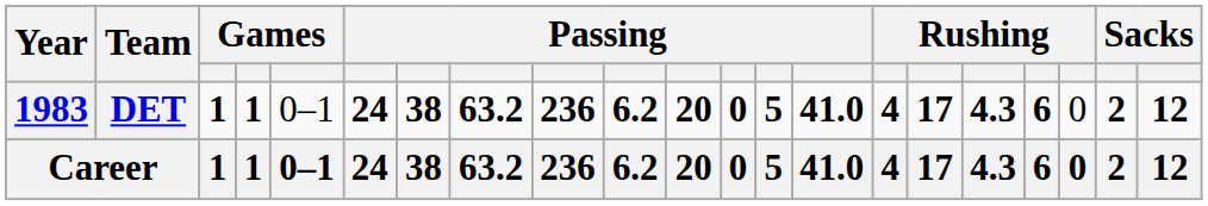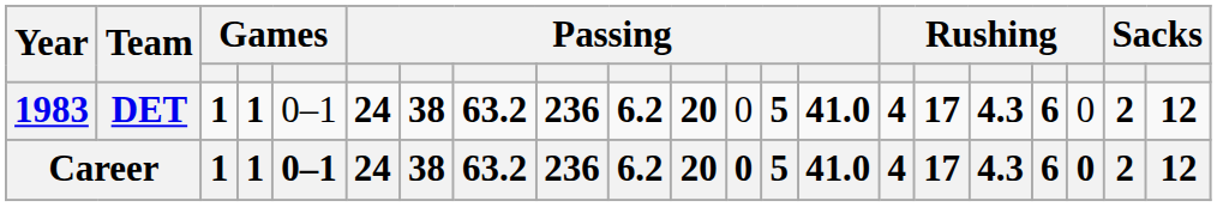 <table class="wikitable" style="text-align:center;">
 <tr>
 <th rowspan="2">Year</th>
 <th rowspan="2">Team</th>
 <th colspan="3">Games</th>
 <th colspan="9">Passing</th>
 <th colspan="5">Rushing</th>
 <th colspan="2">Sacks</th>
 </tr>
 <tr>
 <th></th>
 <th></th>
 <th></th>
 <th></th>
 <th></th>
 <th></th>
 <th></th>
 <th></th>
 <th></th>
 <th></th>
 <th></th>
 <th></th>
 <th></th>
 <th></th>
 <th></th>
 <th></th>
 <th></th>
 <th></th>
 <th></th>
 </tr>
 <tr>
 <th><a href='#'>1983</a></th>
 <th><a href='#'>DET</a></th>
 <td><strong>1</strong></td>
 <td><strong>1</strong></td>
 <td>0–1</td>
 <td><strong>24</strong></td>
 <td><strong>38</strong></td>
 <td><strong>63.2</strong></td>
 <td><strong>236</strong></td>
 <td><strong>6.2</strong></td>
 <td><strong>20</strong></td>
-<td><strong>0</strong></td>
+<td>0</td>
 <td><strong>5</strong></td>
 <td><strong>41.0</strong></td>
 <td><strong>4</strong></td>
 <td><strong>17</strong></td>
 <td><strong>4.3</strong></td>
 <td><strong>6</strong></td>
 <td>0</td>
 <td><strong>2</strong></td>
 <td><strong>12</strong></td>
 </tr>
 <tr>
 <th colspan="2">Career</th>
 <th>1</th>
 <th>1</th>
 <th>0–1</th>
 <th>24</th>
 <th>38</th>
 <th>63.2</th>
 <th>236</th>
 <th>6.2</th>
 <th>20</th>
 <th>0</th>
 <th>5</th>
 <th>41.0</th>
 <th>4</th>
 <th>17</th>
 <th>4.3</th>
 <th>6</th>
 <th>0</th>
 <th>2</th>
 <th>12</th>
 </tr>
 </table>
